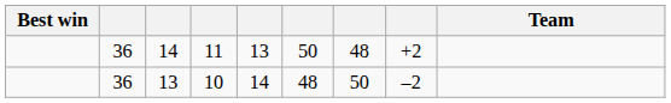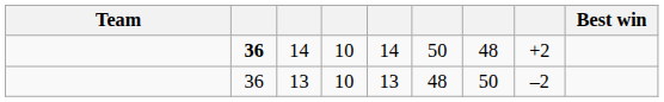 <table class="wikitable sortable" style="text-align:center;">
 <tr>
-<th width=70>Best win</th>
+<th width=180>Team</th>
 <th width=30></th>
 <th width=30></th>
 <th width=30></th>
 <th width=30></th>
 <th width=35></th>
 <th width=35></th>
 <th width=35></th>
-<th width=180>Team</th>
+<th width=70>Best win</th>
 </tr>
 <tr>
-<td></td>
-<td>36</td>
+<td align="left"></td>
+<td><strong>36</strong></td>
 <td>14</td>
-<td>11</td>
-<td>13</td>
+<td>10</td>
+<td>14</td>
 <td>50</td>
 <td>48</td>
 <td>+2</td>
-<td align="left"></td>
+<td></td>
 </tr>
 <tr>
-<td></td>
+<td align="left"></td>
 <td>36</td>
 <td>13</td>
 <td>10</td>
-<td>14</td>
+<td>13</td>
 <td>48</td>
 <td>50</td>
 <td>–2</td>
-<td align="left"></td>
+<td></td>
 </tr>
 </table>
